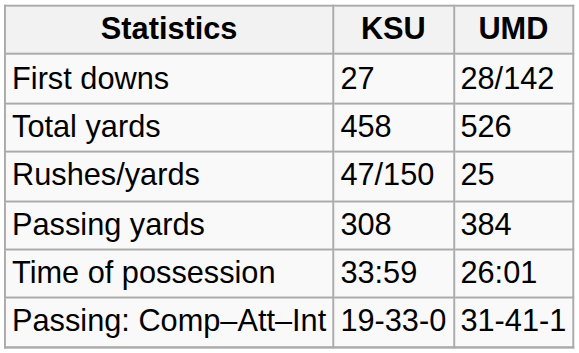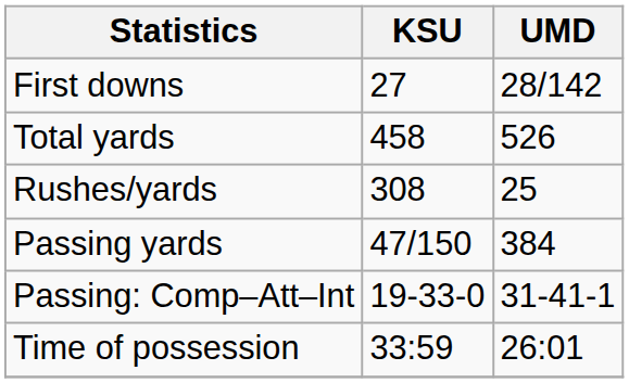 <table class="wikitable" style="float: left;">
 <tr>
 <th>Statistics</th>
 <th>KSU</th>
 <th>UMD</th>
 </tr>
 <tr>
 <td>First downs</td>
 <td>27</td>
 <td>28/142</td>
 </tr>
 <tr>
 <td>Total yards</td>
 <td>458</td>
 <td>526</td>
 </tr>
 <tr>
 <td>Rushes/yards</td>
-<td>47/150</td>
+<td>308</td>
 <td>25</td>
 </tr>
 <tr>
 <td>Passing yards</td>
-<td>308</td>
+<td>47/150</td>
 <td>384</td>
+</tr>
+<tr>
+<td>Passing: Comp–Att–Int</td>
+<td>19-33-0</td>
+<td>31-41-1</td>
 </tr>
 <tr>
 <td>Time of possession</td>
 <td>33:59</td>
 <td>26:01</td>
 </tr>
 <tr>
-<td>Passing: Comp–Att–Int</td>
-<td>19-33-0</td>
-<td>31-41-1</td>
-</tr>
-<tr>
 </tr>
 </table>
